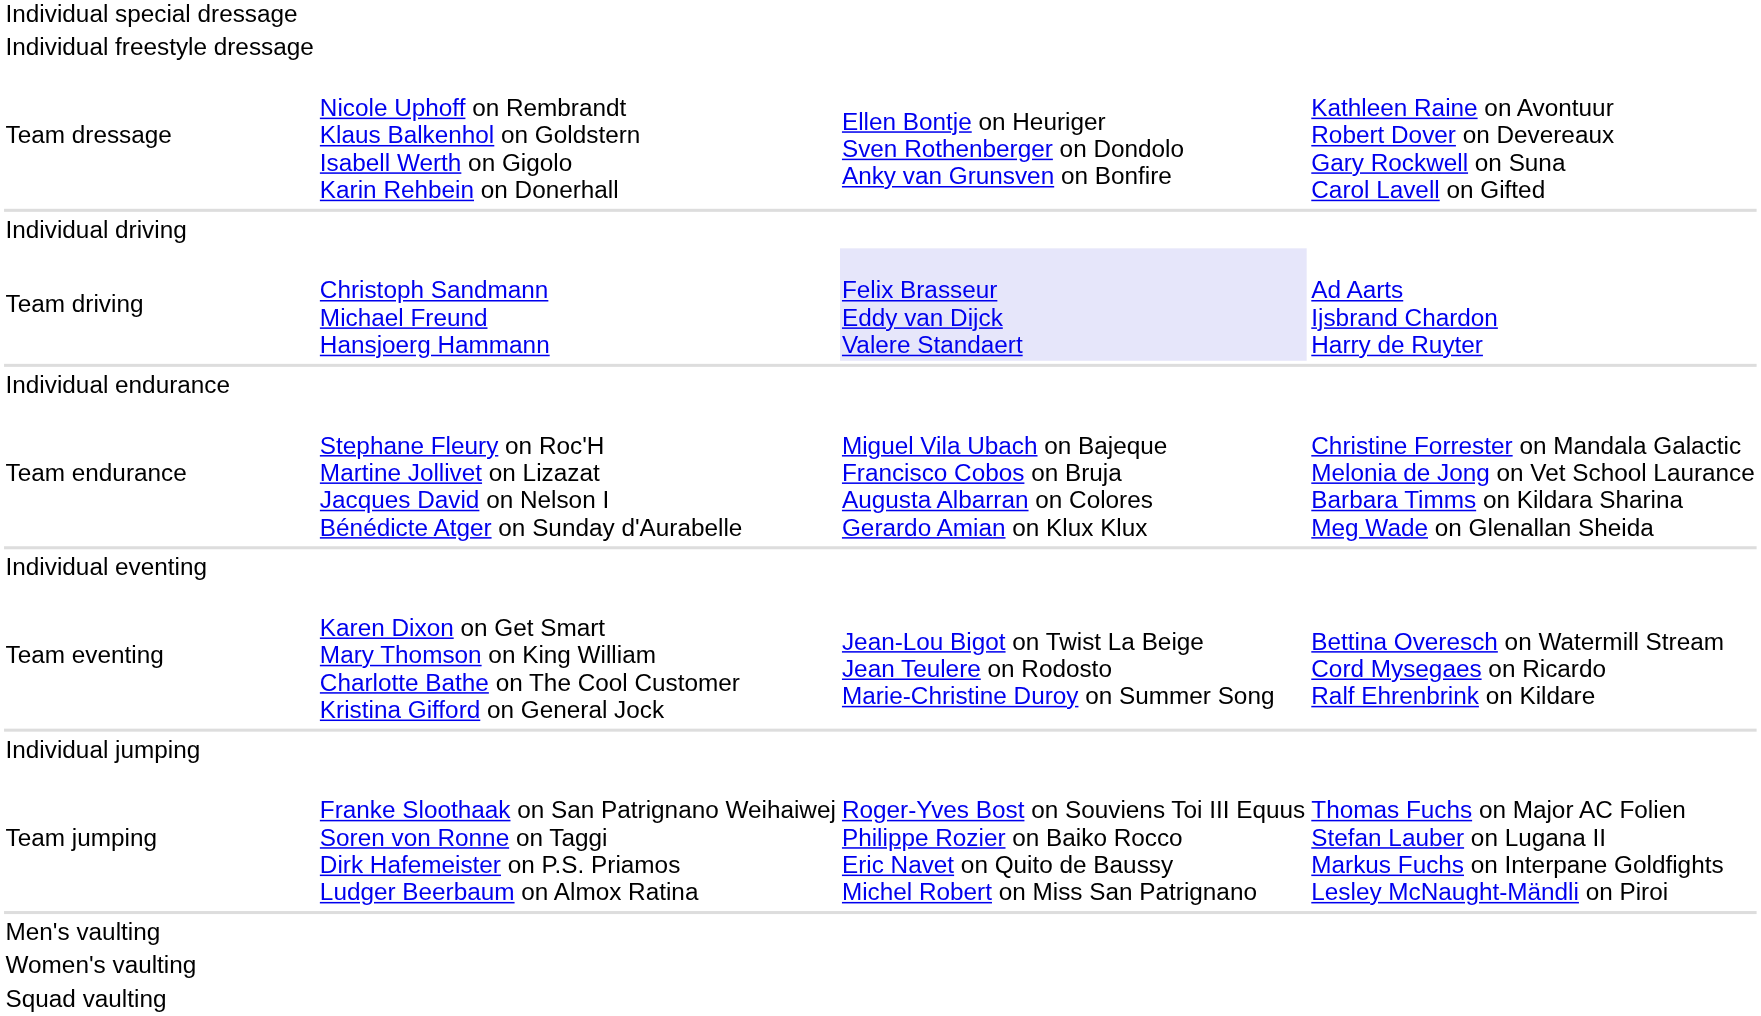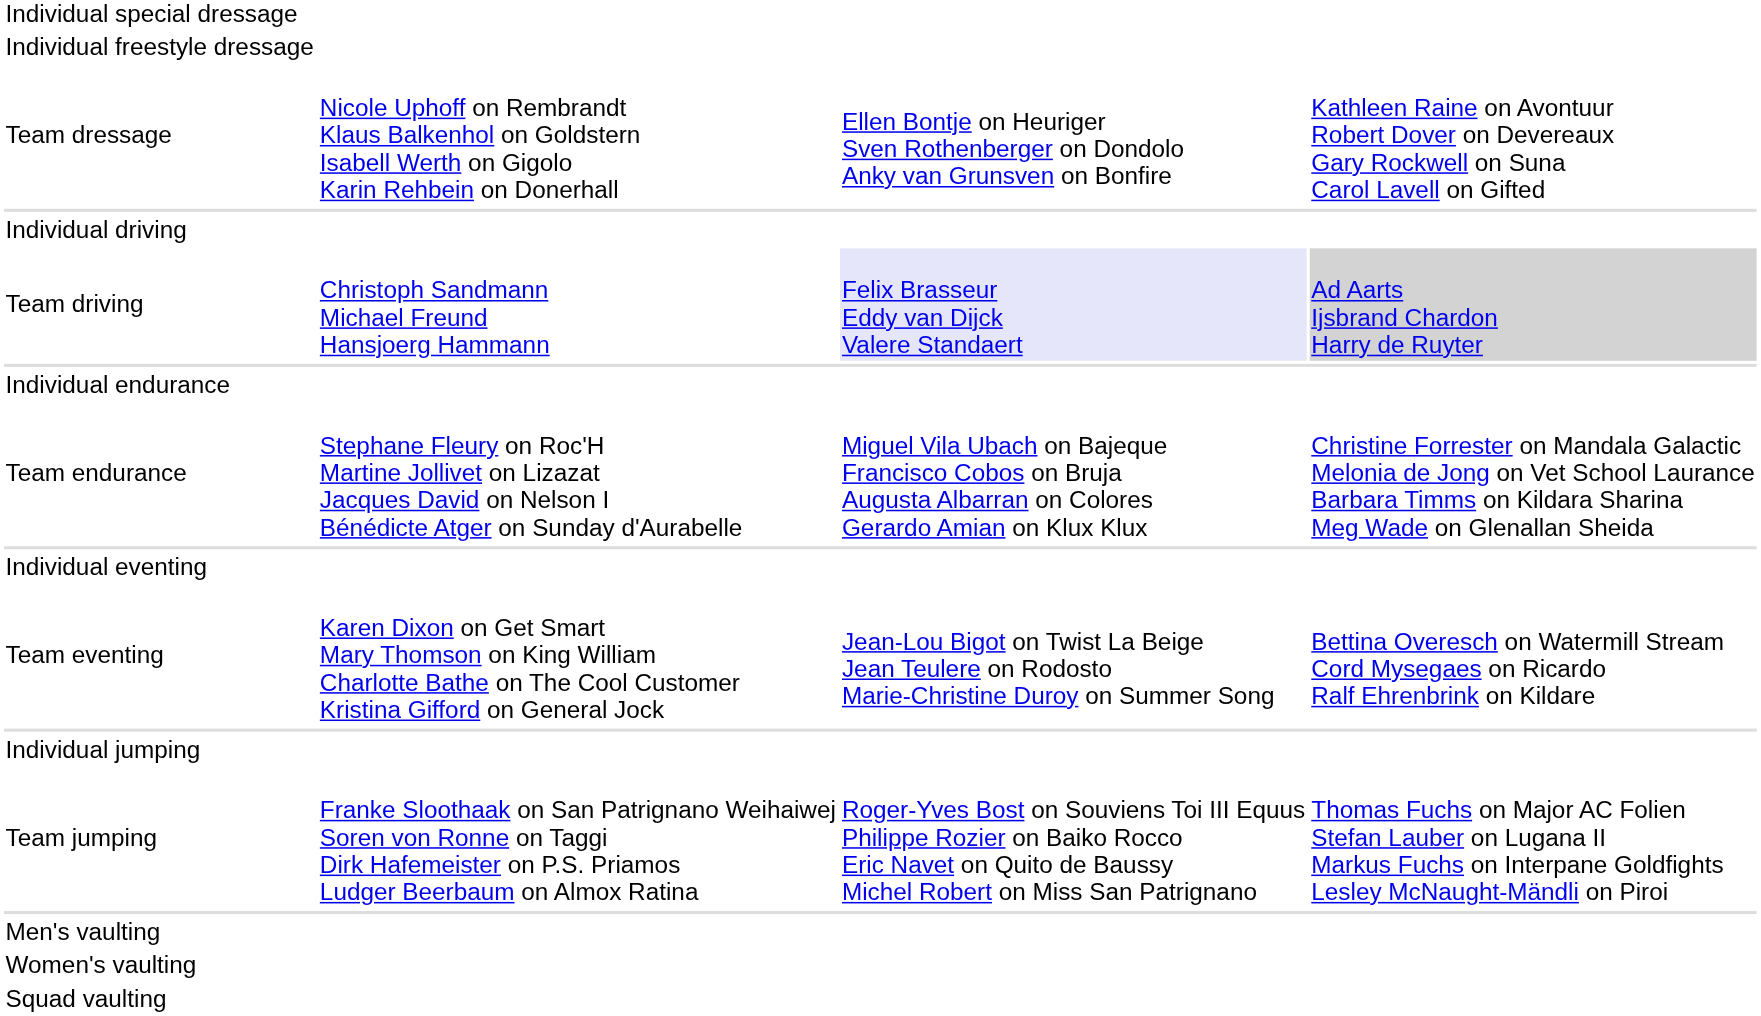 <table>
 <tr>
 <td>Individual special dressage<br></td>
 <td></td>
 <td></td>
 <td></td>
 </tr>
 <tr>
 <td>Individual freestyle dressage<br></td>
 <td></td>
 <td></td>
 <td></td>
 </tr>
 <tr>
 <td>Team dressage<br></td>
 <td><br><a href='#'>Nicole Uphoff</a> on Rembrandt<br><a href='#'>Klaus Balkenhol</a> on Goldstern<br><a href='#'>Isabell Werth</a> on Gigolo<br><a href='#'>Karin Rehbein</a> on Donerhall</td>
 <td><br><a href='#'>Ellen Bontje</a> on Heuriger<br><a href='#'>Sven Rothenberger</a> on Dondolo<br><a href='#'>Anky van Grunsven</a> on Bonfire</td>
 <td><br><a href='#'>Kathleen Raine</a> on Avontuur<br><a href='#'>Robert Dover</a> on Devereaux<br><a href='#'>Gary Rockwell</a> on Suna<br><a href='#'>Carol Lavell</a> on Gifted</td>
 </tr>
 <tr bgcolor=#DDDDDD>
 <td colspan=7></td>
 </tr>
 <tr>
 <td>Individual driving<br></td>
 <td></td>
 <td></td>
 <td></td>
 </tr>
 <tr>
 <td>Team driving<br></td>
 <td><br><a href='#'>Christoph Sandmann</a><br><a href='#'>Michael Freund</a><br><a href='#'>Hansjoerg Hammann</a></td>
 <td style="background: lavender;"><br><a href='#'>Felix Brasseur</a><br><a href='#'>Eddy van Dijck</a><br><a href='#'>Valere Standaert</a></td>
-<td><br><a href='#'>Ad Aarts</a><br><a href='#'>Ijsbrand Chardon</a><br><a href='#'>Harry de Ruyter</a></td>
+<td style="background: lightgrey;"><br><a href='#'>Ad Aarts</a><br><a href='#'>Ijsbrand Chardon</a><br><a href='#'>Harry de Ruyter</a></td>
 </tr>
 <tr bgcolor=#DDDDDD>
 <td colspan=7></td>
 </tr>
 <tr>
 <td>Individual endurance<br></td>
 <td></td>
 <td></td>
 <td></td>
 </tr>
 <tr>
 <td>Team endurance<br></td>
 <td><br><a href='#'>Stephane Fleury</a> on Roc'H<br><a href='#'>Martine Jollivet</a> on Lizazat<br><a href='#'>Jacques David</a> on Nelson I<br><a href='#'>Bénédicte Atger</a> on Sunday d'Aurabelle</td>
 <td><br><a href='#'>Miguel Vila Ubach</a> on Bajeque<br><a href='#'>Francisco Cobos</a> on Bruja<br><a href='#'>Augusta Albarran</a> on Colores<br><a href='#'>Gerardo Amian</a> on Klux Klux</td>
 <td><br><a href='#'>Christine Forrester</a> on Mandala Galactic<br><a href='#'>Melonia de Jong</a> on Vet School Laurance<br><a href='#'>Barbara Timms</a> on Kildara Sharina<br><a href='#'>Meg Wade</a> on Glenallan Sheida</td>
 </tr>
 <tr bgcolor=#DDDDDD>
 <td colspan=7></td>
 </tr>
 <tr>
 <td>Individual eventing<br></td>
 <td></td>
 <td></td>
 <td></td>
 </tr>
 <tr>
 <td>Team eventing<br></td>
 <td><br><a href='#'>Karen Dixon</a> on Get Smart<br><a href='#'>Mary Thomson</a> on King William<br><a href='#'>Charlotte Bathe</a> on The Cool Customer<br><a href='#'>Kristina Gifford</a> on General Jock</td>
 <td><br><a href='#'>Jean-Lou Bigot</a> on Twist La Beige<br><a href='#'>Jean Teulere</a> on Rodosto<br><a href='#'>Marie-Christine Duroy</a> on Summer Song</td>
 <td><br><a href='#'>Bettina Overesch</a> on Watermill Stream<br><a href='#'>Cord Mysegaes</a> on Ricardo<br><a href='#'>Ralf Ehrenbrink</a> on Kildare</td>
 </tr>
 <tr bgcolor=#DDDDDD>
 <td colspan=7></td>
 </tr>
 <tr>
 <td>Individual jumping<br></td>
 <td></td>
 <td></td>
 <td></td>
 </tr>
 <tr>
 <td>Team jumping<br></td>
 <td><br><a href='#'>Franke Sloothaak</a> on San Patrignano Weihaiwej<br><a href='#'>Soren von Ronne</a> on Taggi<br><a href='#'>Dirk Hafemeister</a> on P.S. Priamos<br><a href='#'>Ludger Beerbaum</a> on Almox Ratina</td>
 <td><br><a href='#'>Roger-Yves Bost</a> on Souviens Toi III Equus<br><a href='#'>Philippe Rozier</a> on Baiko Rocco<br><a href='#'>Eric Navet</a> on Quito de Baussy<br><a href='#'>Michel Robert</a> on Miss San Patrignano</td>
 <td><br><a href='#'>Thomas Fuchs</a> on Major AC Folien<br><a href='#'>Stefan Lauber</a> on Lugana II<br><a href='#'>Markus Fuchs</a> on Interpane Goldfights<br><a href='#'>Lesley McNaught-Mändli</a> on Piroi</td>
 </tr>
 <tr bgcolor=#DDDDDD>
 <td colspan=7></td>
 </tr>
 <tr>
 <td>Men's vaulting<br></td>
 <td></td>
 <td></td>
 <td></td>
 </tr>
 <tr>
 <td>Women's vaulting<br></td>
 <td></td>
 <td></td>
 <td></td>
 </tr>
 <tr>
 <td>Squad vaulting<br></td>
 <td></td>
 <td></td>
 <td></td>
 </tr>
 </table>
